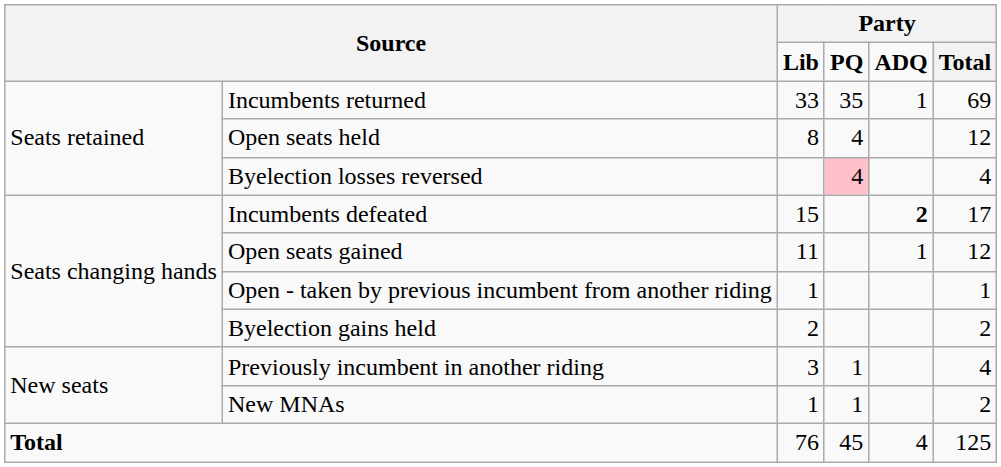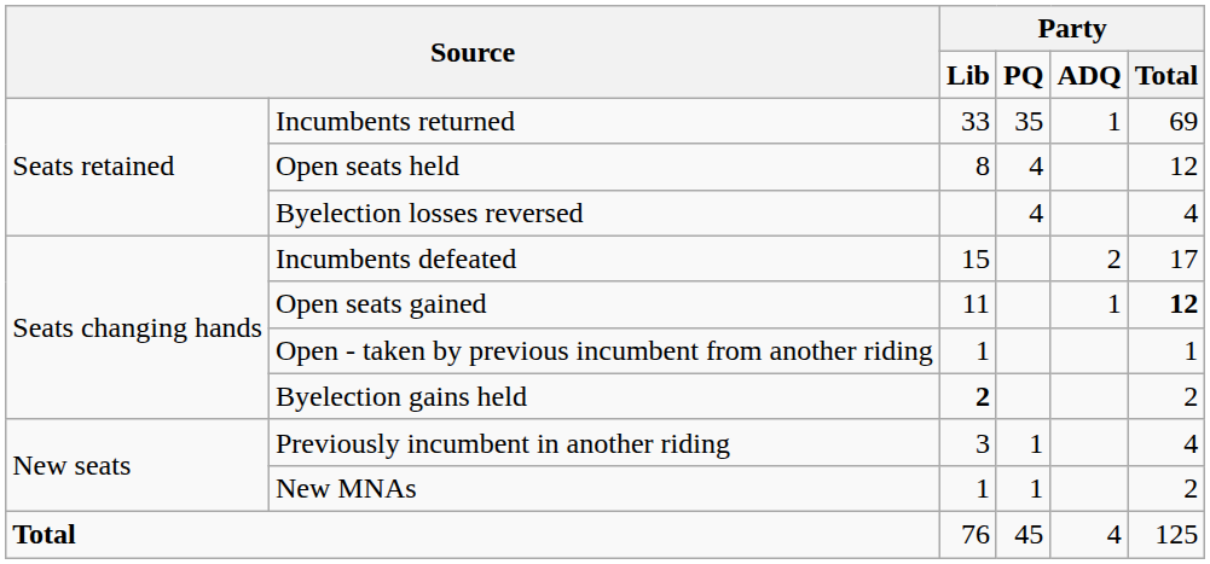 <table class="wikitable" style="text-align:right;">
 <tr>
 <th colspan="2" rowspan="2">Source</th>
 <th colspan="4">Party</th>
 </tr>
 <tr>
 <td><strong>Lib</strong></td>
 <td><strong>PQ</strong></td>
 <td><strong>ADQ</strong></td>
 <th>Total</th>
 </tr>
 <tr>
 <td rowspan="3" style="text-align:left;">Seats retained</td>
 <td style="text-align:left;">Incumbents returned</td>
 <td>33</td>
 <td>35</td>
 <td>1</td>
 <td>69</td>
 </tr>
 <tr>
 <td style="text-align:left;">Open seats held</td>
 <td>8</td>
 <td>4</td>
 <td></td>
 <td>12</td>
 </tr>
 <tr>
 <td style="text-align:left;">Byelection losses reversed</td>
 <td></td>
-<td style="background: pink;">4</td>
+<td>4</td>
 <td></td>
 <td>4</td>
 </tr>
 <tr>
 <td rowspan="4" style="text-align:left;">Seats changing hands</td>
 <td style="text-align:left;">Incumbents defeated</td>
 <td>15</td>
 <td></td>
-<td><strong>2</strong></td>
+<td>2</td>
 <td>17</td>
 </tr>
 <tr>
 <td style="text-align:left;">Open seats gained</td>
 <td>11</td>
 <td></td>
 <td>1</td>
-<td>12</td>
+<td><strong>12</strong></td>
 </tr>
 <tr>
 <td style="text-align:left;">Open - taken by previous incumbent from another riding</td>
 <td>1</td>
 <td></td>
 <td></td>
 <td>1</td>
 </tr>
 <tr>
 <td style="text-align:left;">Byelection gains held</td>
-<td>2</td>
+<td><strong>2</strong></td>
 <td></td>
 <td></td>
 <td>2</td>
 </tr>
 <tr>
 <td rowspan="2" style="text-align:left;">New seats</td>
 <td style="text-align:left;">Previously incumbent in another riding</td>
 <td>3</td>
 <td>1</td>
 <td></td>
 <td>4</td>
 </tr>
 <tr>
 <td style="text-align:left;">New MNAs</td>
 <td>1</td>
 <td>1</td>
 <td></td>
 <td>2</td>
 </tr>
 <tr>
 <td colspan="2" style="text-align:left;"><strong>Total</strong></td>
 <td>76</td>
 <td>45</td>
 <td>4</td>
 <td>125</td>
 </tr>
 </table>
